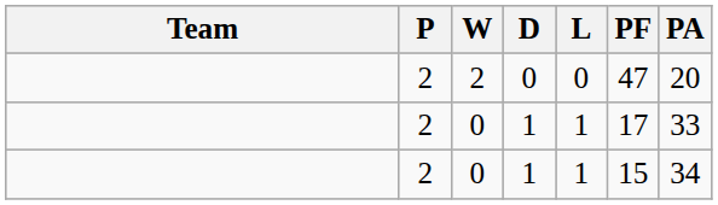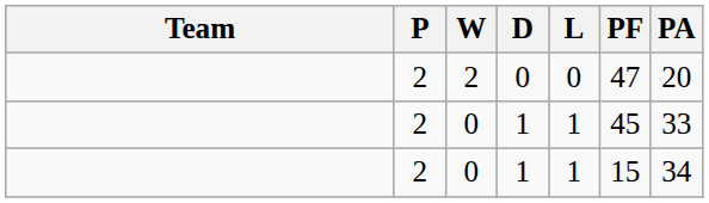 <table class="wikitable" style="text-align: center;">
 <tr>
 <th width="200" bgcolor="#efefef">Team</th>
 <th width="20" bgcolor="#efefef">P</th>
 <th width="20" bgcolor="#efefef">W</th>
 <th width="20" bgcolor="#efefef">D</th>
 <th width="20" bgcolor="#efefef">L</th>
 <th width="20" bgcolor="#efefef">PF</th>
 <th width="20" bgcolor="#efefef">PA</th>
 </tr>
 <tr>
 <td align="left"></td>
 <td>2</td>
 <td>2</td>
 <td>0</td>
 <td>0</td>
 <td>47</td>
 <td>20</td>
 </tr>
 <tr>
 <td align="left"></td>
 <td>2</td>
 <td>0</td>
 <td>1</td>
 <td>1</td>
-<td>17</td>
+<td>45</td>
 <td>33</td>
 </tr>
 <tr>
 <td align="left"></td>
 <td>2</td>
 <td>0</td>
 <td>1</td>
 <td>1</td>
 <td>15</td>
 <td>34</td>
 </tr>
 </table>
